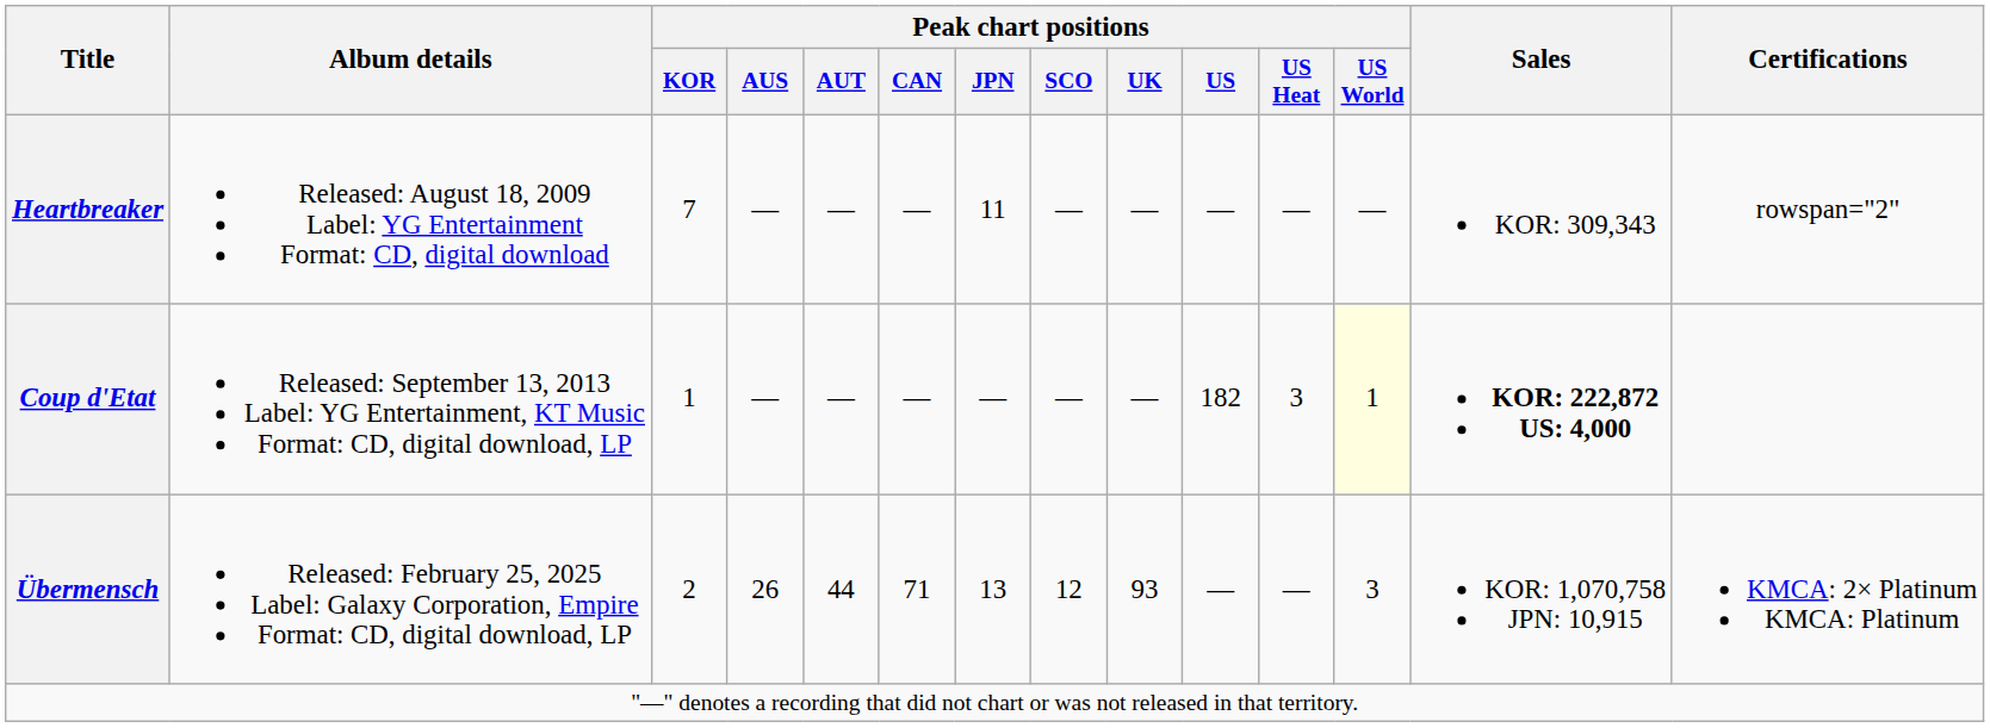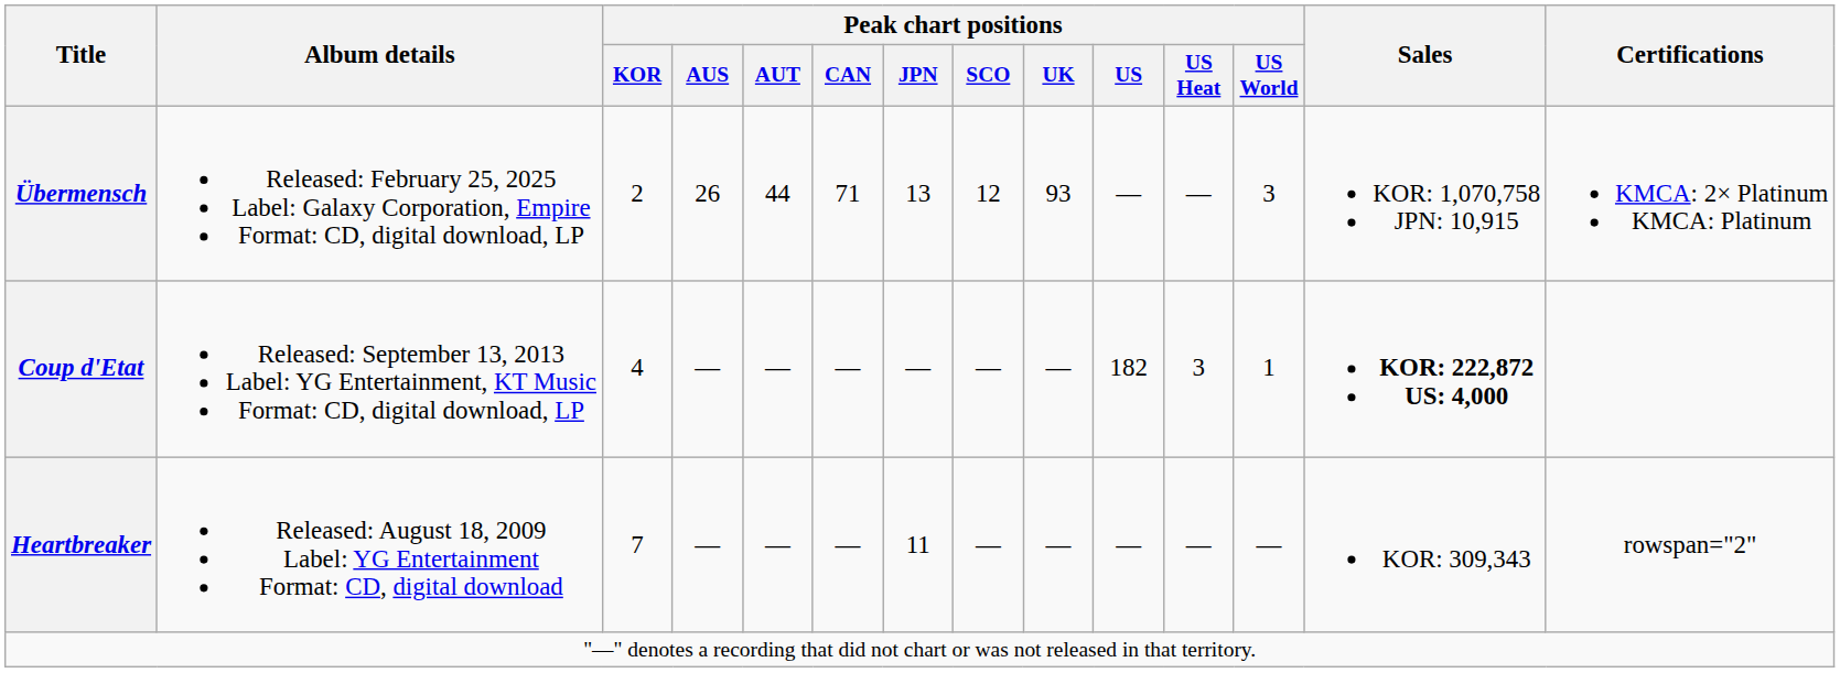 <table class="wikitable plainrowheaders" style="text-align:center;">
 <tr>
 <th scope="col" rowspan="2">Title</th>
 <th scope="col" rowspan="2">Album details</th>
 <th scope="col" colspan="10">Peak chart positions</th>
 <th scope="col" rowspan="2">Sales</th>
 <th scope="col" rowspan="2">Certifications</th>
 </tr>
 <tr>
 <th scope="col" style="width:2.8em;font-size:85%;"><a href='#'>KOR</a><br></th>
 <th scope="col" style="width:2.8em;font-size:85%;"><a href='#'>AUS</a><br></th>
 <th scope="col" style="width:2.8em;font-size:85%;"><a href='#'>AUT</a><br></th>
 <th scope="col" style="width:2.8em;font-size:85%;"><a href='#'>CAN</a><br></th>
 <th scope="col" style="width:2.8em;font-size:85%;"><a href='#'>JPN</a><br></th>
 <th scope="col" style="width:2.8em;font-size:85%;"><a href='#'>SCO</a><br></th>
 <th scope="col" style="width:2.8em;font-size:85%;"><a href='#'>UK</a><br></th>
 <th scope="col" style="width:2.8em;font-size:85%;"><a href='#'>US</a><br></th>
 <th scope="col" style="width:2.8em;font-size:85%;"><a href='#'>US<br>Heat</a><br></th>
 <th scope="col" style="width:2.8em;font-size:85%;"><a href='#'>US<br>World</a><br></th>
 </tr>
 <tr>
+<th scope="row"><em><a href='#'>Übermensch</a></em></th>
+<td><br><ul><li>Released: February 25, 2025</li><li>Label: Galaxy Corporation, <a href='#'>Empire</a></li><li>Format: CD, digital download, LP</li></ul></td>
+<td>2</td>
+<td>26</td>
+<td>44</td>
+<td>71</td>
+<td>13</td>
+<td>12</td>
+<td>93</td>
+<td>—</td>
+<td>—</td>
+<td>3</td>
+<td><br><ul><li>KOR: 1,070,758</li><li>JPN: 10,915</li></ul></td>
+<td><br><ul><li><a href='#'>KMCA</a>: 2× Platinum</li><li>KMCA: Platinum </li></ul></td>
+</tr>
+<tr>
+<th scope="row"><em><a href='#'>Coup d'Etat</a></em></th>
+<td><br><ul><li>Released: September 13, 2013</li><li>Label: YG Entertainment, <a href='#'>KT Music</a></li><li>Format: CD, digital download, <a href='#'>LP</a></li></ul></td>
+<td>4</td>
+<td>—</td>
+<td>—</td>
+<td>—</td>
+<td>—</td>
+<td>—</td>
+<td>—</td>
+<td>182</td>
+<td>3</td>
+<td>1</td>
+<td><strong><br><ul><li>KOR: 222,872</li><li>US: 4,000</li></ul></strong></td>
+</tr>
+<tr>
 <th scope="row"><em><a href='#'>Heartbreaker</a></em></th>
 <td><br><ul><li>Released: August 18, 2009</li><li>Label: <a href='#'>YG Entertainment</a></li><li>Format: <a href='#'>CD</a>, <a href='#'>digital download</a></li></ul></td>
 <td>7</td>
 <td>—</td>
 <td>—</td>
 <td>—</td>
 <td>11</td>
 <td>—</td>
 <td>—</td>
 <td>—</td>
 <td>—</td>
 <td>—</td>
 <td><br><ul><li>KOR: 309,343</li></ul></td>
 <td>rowspan="2" </td>
 </tr>
 <tr>
-<th scope="row"><em><a href='#'>Coup d'Etat</a></em></th>
-<td><br><ul><li>Released: September 13, 2013</li><li>Label: YG Entertainment, <a href='#'>KT Music</a></li><li>Format: CD, digital download, <a href='#'>LP</a></li></ul></td>
-<td>1</td>
-<td>—</td>
-<td>—</td>
-<td>—</td>
-<td>—</td>
-<td>—</td>
-<td>—</td>
-<td>182</td>
-<td>3</td>
-<td style="background: lightyellow;">1</td>
-<td><strong><br><ul><li>KOR: 222,872</li><li>US: 4,000</li></ul></strong></td>
-</tr>
-<tr>
-<th scope="row"><em><a href='#'>Übermensch</a></em></th>
-<td><br><ul><li>Released: February 25, 2025</li><li>Label: Galaxy Corporation, <a href='#'>Empire</a></li><li>Format: CD, digital download, LP</li></ul></td>
-<td>2</td>
-<td>26</td>
-<td>44</td>
-<td>71</td>
-<td>13</td>
-<td>12</td>
-<td>93</td>
-<td>—</td>
-<td>—</td>
-<td>3</td>
-<td><br><ul><li>KOR: 1,070,758</li><li>JPN: 10,915</li></ul></td>
-<td><br><ul><li><a href='#'>KMCA</a>: 2× Platinum</li><li>KMCA: Platinum </li></ul></td>
-</tr>
-<tr>
 <td colspan="14" style="font-size:85%">"—" denotes a recording that did not chart or was not released in that territory.</td>
 </tr>
 </table>
